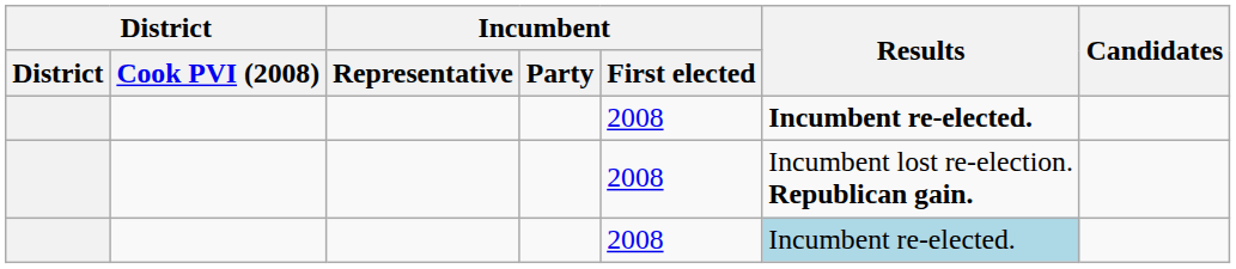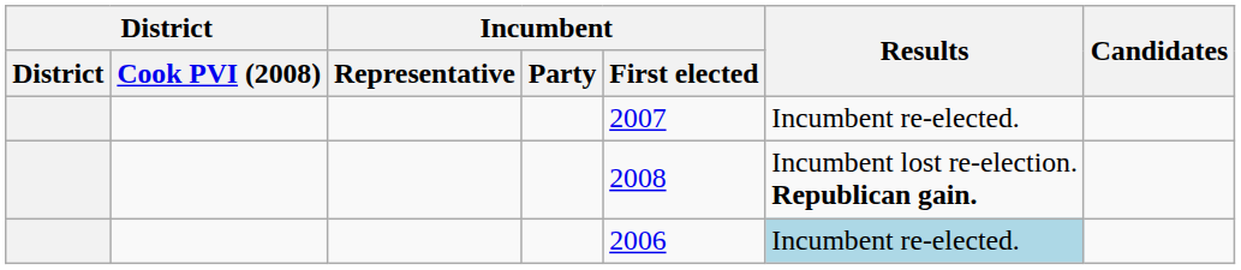 <table class="wikitable sortable">
 <tr>
 <th colspan=2>District</th>
 <th colspan=3>Incumbent</th>
 <th rowspan=2>Results</th>
 <th rowspan=2>Candidates</th>
 </tr>
 <tr valign=bottom>
 <th>District</th>
 <th><a href='#'>Cook PVI</a> (2008)</th>
 <th>Representative</th>
 <th>Party</th>
 <th>First elected</th>
 </tr>
 <tr>
 <th></th>
 <td></td>
 <td></td>
 <td></td>
-<td><a href='#'>2008</a></td>
-<td><strong>Incumbent re-elected.</strong></td>
+<td><a href='#'>2007</a></td>
+<td>Incumbent re-elected.</td>
 <td nowrap></td>
 </tr>
 <tr>
 <th></th>
 <td></td>
 <td></td>
 <td></td>
 <td><a href='#'>2008</a></td>
 <td>Incumbent lost re-election.<br><strong>Republican gain.</strong></td>
 <td nowrap></td>
 </tr>
 <tr>
 <th></th>
 <td></td>
 <td></td>
 <td></td>
-<td><a href='#'>2008</a></td>
+<td><a href='#'>2006</a></td>
 <td style="background: lightblue;">Incumbent re-elected.</td>
 <td nowrap></td>
 </tr>
 </table>
